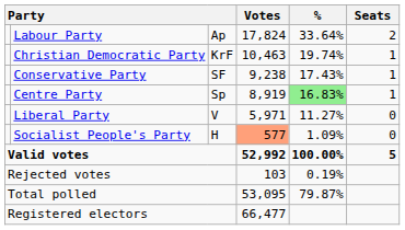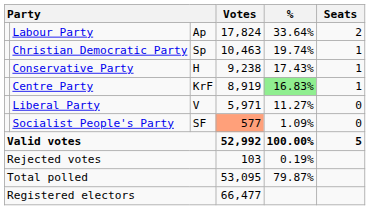 <table class="wikitable" border="1" style="text-align:right;">
 <tr>
 <th style="text-align:left;" colspan=3>Party</th>
 <th align=center width="50">Votes</th>
 <th align=center width="50">%</th>
 <th align=center width="50">Seats</th>
 </tr>
 <tr>
 <td style="color:inherit;background:"></td>
 <td align=left><a href='#'>Labour Party</a></td>
 <td align=left>Ap</td>
 <td>17,824</td>
 <td>33.64%</td>
 <td>2</td>
 </tr>
 <tr>
 <td style="color:inherit;background:"></td>
 <td align=left><a href='#'>Christian Democratic Party</a></td>
-<td align=left>KrF</td>
+<td align=left>Sp</td>
 <td>10,463</td>
 <td>19.74%</td>
 <td>1</td>
 </tr>
 <tr>
 <td style="color:inherit;background:"></td>
 <td align=left><a href='#'>Conservative Party</a></td>
-<td align=left>SF</td>
+<td align=left>H</td>
 <td>9,238</td>
 <td>17.43%</td>
 <td>1</td>
 </tr>
 <tr>
 <td style="color:inherit;background:"></td>
 <td align=left><a href='#'>Centre Party</a></td>
-<td align=left>Sp</td>
+<td align=left>KrF</td>
 <td>8,919</td>
 <td style="background: lightgreen;">16.83%</td>
 <td>1</td>
 </tr>
 <tr>
 <td style="color:inherit;background:"></td>
 <td align=left><a href='#'>Liberal Party</a></td>
 <td align=left>V</td>
 <td>5,971</td>
 <td>11.27%</td>
 <td>0</td>
 </tr>
 <tr>
 <td style="color:inherit;background:"></td>
 <td align=left><a href='#'>Socialist People's Party</a></td>
-<td align=left>H</td>
+<td align=left>SF</td>
 <td style="background: lightsalmon;">577</td>
 <td>1.09%</td>
 <td>0</td>
 </tr>
 <tr style="font-weight:bold">
 <td align=left colspan=3>Valid votes</td>
 <td>52,992</td>
 <td>100.00%</td>
 <td>5</td>
 </tr>
 <tr>
 <td align=left colspan=3>Rejected votes</td>
 <td>103</td>
 <td>0.19%</td>
 <td></td>
 </tr>
 <tr>
 <td align=left colspan=3>Total polled</td>
 <td>53,095</td>
 <td>79.87%</td>
 <td></td>
 </tr>
 <tr>
 <td align=left colspan=3>Registered electors</td>
 <td>66,477</td>
 <td></td>
 <td></td>
 </tr>
 </table>
